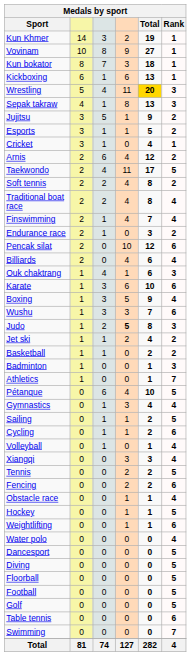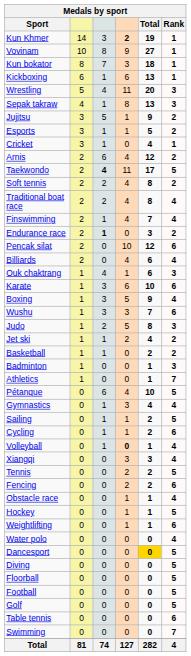 <table class="wikitable sortable" style="font-size:85%;float:center;text-align:center">
 <tr>
 <th colspan=6><strong>Medals by sport</strong></th>
 </tr>
 <tr>
 <th width=100>Sport</th>
 <th scope="col" width=30 style="background:#F7F6A8;"></th>
 <th scope="col" width=30 style="background:#DCE5E5;"></th>
 <th scope="col" width=30 style="background:#FFDAB9;"></th>
 <th width=30>Total</th>
 <th width=30>Rank</th>
 </tr>
 <tr>
 <td align="left"><a href='#'>Kun Khmer</a></td>
 <td style="background:#F7F6A8;">14</td>
 <td style="background:#DCE5E5;">3</td>
-<td style="background:#FFDAB9;">2</td>
+<td style="background:#FFDAB9;"><strong>2</strong></td>
 <td><strong>19</strong></td>
 <td style="background:#FFFAFA;"><strong>1</strong></td>
 </tr>
 <tr>
 <td align="left"><a href='#'>Vovinam</a></td>
 <td style="background:#F7F6A8;">10</td>
 <td style="background:#DCE5E5;">8</td>
 <td style="background:#FFDAB9;">9</td>
 <td><strong>27</strong></td>
 <td style="background:#FFFAFA;"><strong>1</strong></td>
 </tr>
 <tr>
 <td align="left"><a href='#'>Kun bokator</a></td>
 <td style="background:#F7F6A8;">8</td>
 <td style="background:#DCE5E5;">7</td>
 <td style="background:#FFDAB9;">3</td>
 <td><strong>18</strong></td>
 <td style="background:#FFFAFA;"><strong>1</strong></td>
 </tr>
 <tr>
 <td align="left"><a href='#'>Kickboxing</a></td>
 <td style="background:#F7F6A8;">6</td>
 <td style="background:#DCE5E5;">1</td>
 <td style="background:#FFDAB9;">6</td>
 <td><strong>13</strong></td>
 <td style="background:#FFFAFA;"><strong>1</strong></td>
 </tr>
 <tr>
 <td align="left"><a href='#'>Wrestling</a></td>
 <td style="background:#F7F6A8;">5</td>
 <td style="background:#DCE5E5;">4</td>
 <td style="background:#FFDAB9;">11</td>
-<td style="background: gold;"><strong>20</strong></td>
+<td><strong>20</strong></td>
 <td style="background:#FFFAFA;"><strong>3</strong></td>
 </tr>
 <tr>
 <td align="left"><a href='#'>Sepak takraw</a></td>
 <td style="background:#F7F6A8;">4</td>
 <td style="background:#DCE5E5;">1</td>
 <td style="background:#FFDAB9;">8</td>
 <td><strong>13</strong></td>
 <td style="background:#FFFAFA;"><strong>3</strong></td>
 </tr>
 <tr>
 <td align="left"><a href='#'>Jujitsu</a></td>
 <td style="background:#F7F6A8;">3</td>
 <td style="background:#DCE5E5;">5</td>
 <td style="background:#FFDAB9;">1</td>
 <td><strong>9</strong></td>
 <td style="background:#FFFAFA;"><strong>2</strong></td>
 </tr>
 <tr>
 <td align="left"><a href='#'>Esports</a></td>
 <td style="background:#F7F6A8;">3</td>
 <td style="background:#DCE5E5;">1</td>
 <td style="background:#FFDAB9;">1</td>
 <td><strong>5</strong></td>
 <td style="background:#FFFAFA;"><strong>2</strong></td>
 </tr>
 <tr>
 <td align="left"><a href='#'>Cricket</a></td>
 <td style="background:#F7F6A8;">3</td>
 <td style="background:#DCE5E5;">1</td>
 <td style="background:#FFDAB9;">0</td>
 <td><strong>4</strong></td>
 <td style="background:#FFFAFA;"><strong>1</strong></td>
 </tr>
 <tr>
 <td align="left"><a href='#'>Arnis</a></td>
 <td style="background:#F7F6A8;">2</td>
 <td style="background:#DCE5E5;">6</td>
 <td style="background:#FFDAB9;">4</td>
 <td><strong>12</strong></td>
 <td style="background:#FFFAFA;"><strong>2</strong></td>
 </tr>
 <tr>
 <td align="left"><a href='#'>Taekwondo</a></td>
 <td style="background:#F7F6A8;">2</td>
-<td style="background:#DCE5E5;">4</td>
+<td style="background:#DCE5E5;"><strong>4</strong></td>
 <td style="background:#FFDAB9;">11</td>
 <td><strong>17</strong></td>
 <td style="background:#FFFAFA;"><strong>5</strong></td>
 </tr>
 <tr>
 <td align="left"><a href='#'>Soft tennis</a></td>
 <td style="background:#F7F6A8;">2</td>
 <td style="background:#DCE5E5;">2</td>
 <td style="background:#FFDAB9;">4</td>
 <td><strong>8</strong></td>
 <td style="background:#FFFAFA;"><strong>2</strong></td>
 </tr>
 <tr>
 <td align="left"><a href='#'>Traditional boat race</a></td>
 <td style="background:#F7F6A8;">2</td>
 <td style="background:#DCE5E5;">2</td>
 <td style="background:#FFDAB9;">4</td>
 <td><strong>8</strong></td>
 <td style="background:#FFFAFA;"><strong>4</strong></td>
 </tr>
 <tr>
 <td align="left"><a href='#'>Finswimming</a></td>
 <td style="background:#F7F6A8;">2</td>
 <td style="background:#DCE5E5;">1</td>
 <td style="background:#FFDAB9;">4</td>
 <td><strong>7</strong></td>
 <td style="background:#FFFAFA;"><strong>4</strong></td>
 </tr>
 <tr>
 <td align="left"><a href='#'>Endurance race</a></td>
 <td style="background:#F7F6A8;">2</td>
-<td style="background:#DCE5E5;">1</td>
+<td style="background:#DCE5E5;"><strong>1</strong></td>
 <td style="background:#FFDAB9;">0</td>
 <td><strong>3</strong></td>
 <td style="background:#FFFAFA;"><strong>2</strong></td>
 </tr>
 <tr>
 <td align="left"><a href='#'>Pencak silat</a></td>
 <td style="background:#F7F6A8;">2</td>
 <td style="background:#DCE5E5;">0</td>
 <td style="background:#FFDAB9;">10</td>
 <td><strong>12</strong></td>
 <td style="background:#FFFAFA;"><strong>6</strong></td>
 </tr>
 <tr>
 <td align="left"><a href='#'>Billiards</a></td>
 <td style="background:#F7F6A8;">2</td>
 <td style="background:#DCE5E5;">0</td>
 <td style="background:#FFDAB9;">4</td>
 <td><strong>6</strong></td>
 <td style="background:#FFFAFA;"><strong>4</strong></td>
 </tr>
 <tr>
 <td align="left"><a href='#'>Ouk chaktrang</a></td>
 <td style="background:#F7F6A8;">1</td>
 <td style="background:#DCE5E5;">4</td>
 <td style="background:#FFDAB9;">1</td>
 <td><strong>6</strong></td>
 <td style="background:#FFFAFA;"><strong>3</strong></td>
 </tr>
 <tr>
 <td align="left"><a href='#'>Karate</a></td>
 <td style="background:#F7F6A8;">1</td>
 <td style="background:#DCE5E5;">3</td>
 <td style="background:#FFDAB9;">6</td>
 <td><strong>10</strong></td>
 <td style="background:#FFFAFA;"><strong>6</strong></td>
 </tr>
 <tr>
 <td align="left"><a href='#'>Boxing</a></td>
 <td style="background:#F7F6A8;">1</td>
 <td style="background:#DCE5E5;">3</td>
 <td style="background:#FFDAB9;">5</td>
 <td><strong>9</strong></td>
 <td style="background:#FFFAFA;"><strong>4</strong></td>
 </tr>
 <tr>
 <td align="left"><a href='#'>Wushu</a></td>
 <td style="background:#F7F6A8;">1</td>
 <td style="background:#DCE5E5;">3</td>
 <td style="background:#FFDAB9;">3</td>
 <td><strong>7</strong></td>
 <td style="background:#FFFAFA;"><strong>6</strong></td>
 </tr>
 <tr>
 <td align="left"><a href='#'>Judo</a></td>
 <td style="background:#F7F6A8;">1</td>
 <td style="background:#DCE5E5;">2</td>
-<td style="background:#FFDAB9;"><strong>5</strong></td>
+<td style="background:#FFDAB9;">5</td>
 <td><strong>8</strong></td>
 <td style="background:#FFFAFA;"><strong>3</strong></td>
 </tr>
 <tr>
 <td align="left"><a href='#'>Jet ski</a></td>
 <td style="background:#F7F6A8;">1</td>
 <td style="background:#DCE5E5;">1</td>
 <td style="background:#FFDAB9;">2</td>
 <td><strong>4</strong></td>
 <td style="background:#FFFAFA;"><strong>2</strong></td>
 </tr>
 <tr>
 <td align="left"><a href='#'>Basketball</a></td>
 <td style="background:#F7F6A8;">1</td>
 <td style="background:#DCE5E5;">1</td>
 <td style="background:#FFDAB9;">0</td>
 <td><strong>2</strong></td>
 <td style="background:#FFFAFA;"><strong>2</strong></td>
 </tr>
 <tr>
 <td align="left"><a href='#'>Badminton</a></td>
 <td style="background:#F7F6A8;">1</td>
 <td style="background:#DCE5E5;">0</td>
 <td style="background:#FFDAB9;">0</td>
 <td><strong>1</strong></td>
 <td style="background:#FFFAFA;"><strong>3</strong></td>
 </tr>
 <tr>
 <td align="left"><a href='#'>Athletics</a></td>
 <td style="background:#F7F6A8;">1</td>
 <td style="background:#DCE5E5;">0</td>
 <td style="background:#FFDAB9;">0</td>
 <td><strong>1</strong></td>
 <td style="background:#FFFAFA;"><strong>7</strong></td>
 </tr>
 <tr>
 <td align="left"><a href='#'>Pétanque</a></td>
 <td style="background:#F7F6A8;">0</td>
 <td style="background:#DCE5E5;">6</td>
 <td style="background:#FFDAB9;">4</td>
 <td><strong>10</strong></td>
 <td style="background:#FFFAFA;"><strong>5</strong></td>
 </tr>
 <tr>
 <td align="left"><a href='#'>Gymnastics</a></td>
 <td style="background:#F7F6A8;">0</td>
 <td style="background:#DCE5E5;">1</td>
 <td style="background:#FFDAB9;">3</td>
 <td><strong>4</strong></td>
 <td style="background:#FFFAFA;"><strong>4</strong></td>
 </tr>
 <tr>
 <td align="left"><a href='#'>Sailing</a></td>
 <td style="background:#F7F6A8;">0</td>
 <td style="background:#DCE5E5;">1</td>
 <td style="background:#FFDAB9;">1</td>
 <td><strong>2</strong></td>
 <td style="background:#FFFAFA;"><strong>5</strong></td>
 </tr>
 <tr>
 <td align="left"><a href='#'>Cycling</a></td>
 <td style="background:#F7F6A8;">0</td>
 <td style="background:#DCE5E5;">1</td>
 <td style="background:#FFDAB9;">1</td>
 <td><strong>2</strong></td>
 <td style="background:#FFFAFA;"><strong>6</strong></td>
 </tr>
 <tr>
 <td align="left"><a href='#'>Volleyball</a></td>
 <td style="background:#F7F6A8;">0</td>
 <td style="background:#DCE5E5;">1</td>
-<td style="background:#FFDAB9;">0</td>
+<td style="background:#FFDAB9;"><strong>0</strong></td>
 <td><strong>1</strong></td>
 <td style="background:#FFFAFA;"><strong>4</strong></td>
 </tr>
 <tr>
 <td align="left"><a href='#'>Xiangqi</a></td>
 <td style="background:#F7F6A8;">0</td>
 <td style="background:#DCE5E5;">0</td>
 <td style="background:#FFDAB9;">3</td>
 <td><strong>3</strong></td>
 <td style="background:#FFFAFA;"><strong>4</strong></td>
 </tr>
 <tr>
 <td align="left"><a href='#'>Tennis</a></td>
 <td style="background:#F7F6A8;">0</td>
 <td style="background:#DCE5E5;">0</td>
 <td style="background:#FFDAB9;">2</td>
 <td><strong>2</strong></td>
 <td style="background:#FFFAFA;"><strong>5</strong></td>
 </tr>
 <tr>
 <td align="left"><a href='#'>Fencing</a></td>
 <td style="background:#F7F6A8;">0</td>
 <td style="background:#DCE5E5;">0</td>
 <td style="background:#FFDAB9;">2</td>
 <td><strong>2</strong></td>
 <td style="background:#FFFAFA;"><strong>6</strong></td>
 </tr>
 <tr>
 <td align="left"><a href='#'>Obstacle race</a></td>
 <td style="background:#F7F6A8;">0</td>
 <td style="background:#DCE5E5;">0</td>
 <td style="background:#FFDAB9;">1</td>
 <td><strong>1</strong></td>
 <td style="background:#FFFAFA;"><strong>4</strong></td>
 </tr>
 <tr>
 <td align="left"><a href='#'>Hockey</a></td>
 <td style="background:#F7F6A8;">0</td>
 <td style="background:#DCE5E5;">0</td>
 <td style="background:#FFDAB9;">1</td>
 <td><strong>1</strong></td>
 <td style="background:#FFFAFA;"><strong>5</strong></td>
 </tr>
 <tr>
 <td align="left"><a href='#'>Weightlifting</a></td>
 <td style="background:#F7F6A8;">0</td>
 <td style="background:#DCE5E5;">0</td>
 <td style="background:#FFDAB9;">1</td>
 <td><strong>1</strong></td>
 <td style="background:#FFFAFA;"><strong>6</strong></td>
 </tr>
 <tr>
 <td align="left"><a href='#'>Water polo</a></td>
 <td style="background:#F7F6A8;">0</td>
 <td style="background:#DCE5E5;">0</td>
 <td style="background:#FFDAB9;">0</td>
 <td><strong>0</strong></td>
 <td style="background:#FFFAFA;"><strong>4</strong></td>
 </tr>
 <tr>
 <td align="left"><a href='#'>Dancesport</a></td>
 <td style="background:#F7F6A8;">0</td>
 <td style="background:#DCE5E5;">0</td>
 <td style="background:#FFDAB9;">0</td>
-<td><strong>0</strong></td>
+<td style="background: gold;"><strong>0</strong></td>
 <td style="background:#FFFAFA;"><strong>5</strong></td>
 </tr>
 <tr>
 <td align="left"><a href='#'>Diving</a></td>
 <td style="background:#F7F6A8;">0</td>
 <td style="background:#DCE5E5;">0</td>
 <td style="background:#FFDAB9;">0</td>
 <td><strong>0</strong></td>
 <td style="background:#FFFAFA;"><strong>5</strong></td>
 </tr>
 <tr>
 <td align="left"><a href='#'>Floorball</a></td>
 <td style="background:#F7F6A8;">0</td>
 <td style="background:#DCE5E5;">0</td>
 <td style="background:#FFDAB9;">0</td>
 <td><strong>0</strong></td>
 <td style="background:#FFFAFA;"><strong>5</strong></td>
 </tr>
 <tr>
 <td align="left"><a href='#'>Football</a></td>
 <td style="background:#F7F6A8;">0</td>
 <td style="background:#DCE5E5;">0</td>
 <td style="background:#FFDAB9;">0</td>
 <td><strong>0</strong></td>
 <td style="background:#FFFAFA;"><strong>5</strong></td>
 </tr>
 <tr>
 <td align="left"><a href='#'>Golf</a></td>
 <td style="background:#F7F6A8;">0</td>
 <td style="background:#DCE5E5;">0</td>
 <td style="background:#FFDAB9;">0</td>
 <td><strong>0</strong></td>
 <td style="background:#FFFAFA;"><strong>5</strong></td>
 </tr>
 <tr>
 <td align="left"><a href='#'>Table tennis</a></td>
 <td style="background:#F7F6A8;">0</td>
 <td style="background:#DCE5E5;">0</td>
 <td style="background:#FFDAB9;">0</td>
 <td><strong>0</strong></td>
 <td style="background:#FFFAFA;"><strong>6</strong></td>
 </tr>
 <tr>
 <td align="left"><a href='#'>Swimming</a></td>
 <td style="background:#F7F6A8;">0</td>
 <td style="background:#DCE5E5;">0</td>
 <td style="background:#FFDAB9;">0</td>
 <td><strong>0</strong></td>
 <td style="background:#FFFAFA;"><strong>7</strong></td>
 </tr>
 <tr>
 </tr>
 <tr class="sortbottom">
 <th>Total</th>
 <th>81</th>
 <th>74</th>
 <th>127</th>
 <th>282</th>
 <th>4</th>
 </tr>
 </table>
